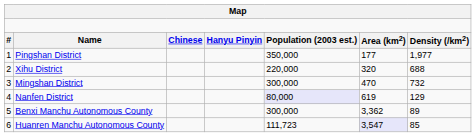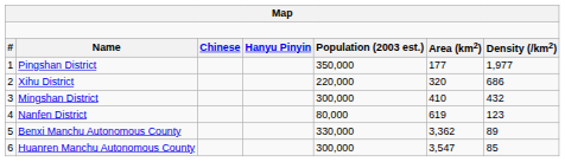 <table class="wikitable"  style="font-size:90%;" align=center>
 <tr>
 <th colspan="7" align="center">Map</th>
 </tr>
 <tr>
 <td colspan="7" align="center"><div><br>         </div></td>
 </tr>
 <tr>
 <th>#</th>
 <th>Name</th>
 <th><a href='#'>Chinese</a></th>
 <th><a href='#'>Hanyu Pinyin</a></th>
 <th>Population (2003 est.)</th>
 <th>Area (km<sup>2</sup>)</th>
 <th>Density (/km<sup>2</sup>)</th>
 </tr>
 <tr --------->
 <td>1</td>
 <td><a href='#'>Pingshan District</a></td>
 <td></td>
 <td></td>
 <td>350,000</td>
 <td>177</td>
 <td>1,977</td>
 </tr>
 <tr --------->
 <td>2</td>
 <td><a href='#'>Xihu District</a></td>
 <td></td>
 <td></td>
 <td>220,000</td>
 <td>320</td>
-<td>688</td>
+<td>686</td>
 </tr>
 <tr --------->
 <td>3</td>
 <td><a href='#'>Mingshan District</a></td>
 <td></td>
 <td></td>
 <td>300,000</td>
-<td>470</td>
-<td>732</td>
+<td>410</td>
+<td>432</td>
 </tr>
 <tr --------->
 <td>4</td>
 <td><a href='#'>Nanfen District</a></td>
 <td></td>
 <td></td>
-<td style="background: lavender;">80,000</td>
+<td>80,000</td>
 <td>619</td>
-<td>129</td>
+<td>123</td>
 </tr>
 <tr --------->
 <td>5</td>
 <td><a href='#'>Benxi Manchu Autonomous County</a></td>
 <td></td>
 <td></td>
-<td>300,000</td>
+<td>330,000</td>
 <td>3,362</td>
 <td>89</td>
 </tr>
 <tr --------->
 <td>6</td>
 <td><a href='#'>Huanren Manchu Autonomous County</a></td>
 <td></td>
 <td></td>
-<td>111,723</td>
-<td style="background: lavender;">3,547</td>
+<td>300,000</td>
+<td>3,547</td>
 <td>85</td>
 </tr>
 </table>
